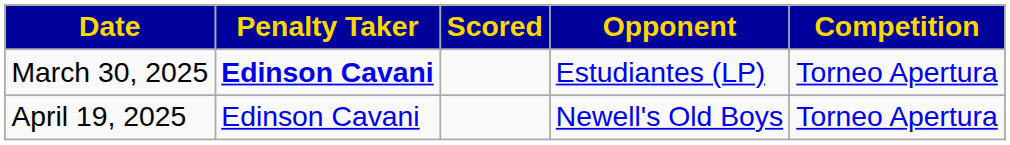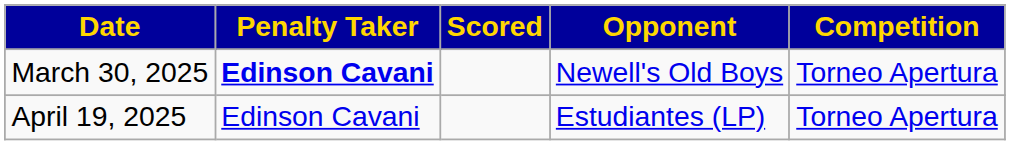 <table class="wikitable">
 <tr>
 <th style="background:#00009B; color:gold;">Date</th>
 <th style="background:#00009B; color:gold;">Penalty Taker</th>
 <th style="background:#00009B; color:gold;">Scored</th>
 <th style="background:#00009B; color:gold;">Opponent</th>
 <th style="background:#00009B; color:gold;">Competition</th>
 </tr>
 <tr>
 <td>March 30, 2025</td>
 <td><strong><a href='#'>Edinson Cavani</a></strong></td>
 <td></td>
-<td><a href='#'>Estudiantes (LP)</a></td>
+<td><a href='#'>Newell's Old Boys</a></td>
 <td><a href='#'>Torneo Apertura</a></td>
 </tr>
 <tr>
 <td>April 19, 2025</td>
 <td><a href='#'>Edinson Cavani</a></td>
 <td></td>
-<td><a href='#'>Newell's Old Boys</a></td>
+<td><a href='#'>Estudiantes (LP)</a></td>
 <td><a href='#'>Torneo Apertura</a></td>
 </tr>
 </table>
